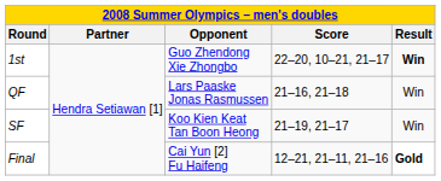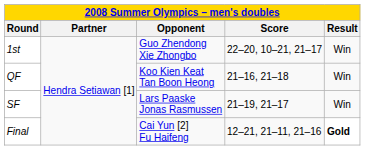 <table class="wikitable" style="font-size: 90%; text-align: center">
 <tr>
 <th colspan=5 style="background:gold;"><a href='#'>2008 Summer Olympics – men's doubles</a></th>
 </tr>
 <tr>
 <th>Round</th>
 <th>Partner</th>
 <th>Opponent</th>
 <th>Score</th>
 <th>Result</th>
 </tr>
 <tr>
 <td style="text-align:left; background:white"><em>1st</em></td>
 <td align="left" rowspan="4"> <a href='#'>Hendra Setiawan</a> [1]</td>
 <td align="left"> <a href='#'>Guo Zhendong</a> <br>  <a href='#'>Xie Zhongbo</a></td>
 <td align="left">22–20, 10–21, 21–17</td>
-<td align="center"><strong>Win</strong></td>
+<td align="center">Win</td>
 </tr>
 <tr>
 <td style="text-align:left; background:white"><em>QF</em></td>
-<td align="left"> <a href='#'>Lars Paaske</a> <br>  <a href='#'>Jonas Rasmussen</a></td>
+<td align="left"> <a href='#'>Koo Kien Keat</a> <br>  <a href='#'>Tan Boon Heong</a></td>
 <td align="left">21–16, 21–18</td>
 <td align="center">Win</td>
 </tr>
 <tr>
 <td style="text-align:left; background:white"><em>SF</em></td>
-<td align="left"> <a href='#'>Koo Kien Keat</a> <br>  <a href='#'>Tan Boon Heong</a></td>
+<td align="left"> <a href='#'>Lars Paaske</a> <br>  <a href='#'>Jonas Rasmussen</a></td>
 <td align="left">21–19, 21–17</td>
 <td align="center">Win</td>
 </tr>
 <tr>
 <td style="text-align:left; background:white"><em>Final</em></td>
 <td align="left"> <a href='#'>Cai Yun</a> [2]<br>  <a href='#'>Fu Haifeng</a></td>
 <td align="left">12–21, 21–11, 21–16</td>
 <td style="text-align:left; background:white"> <strong>Gold</strong></td>
 </tr>
 </table>
